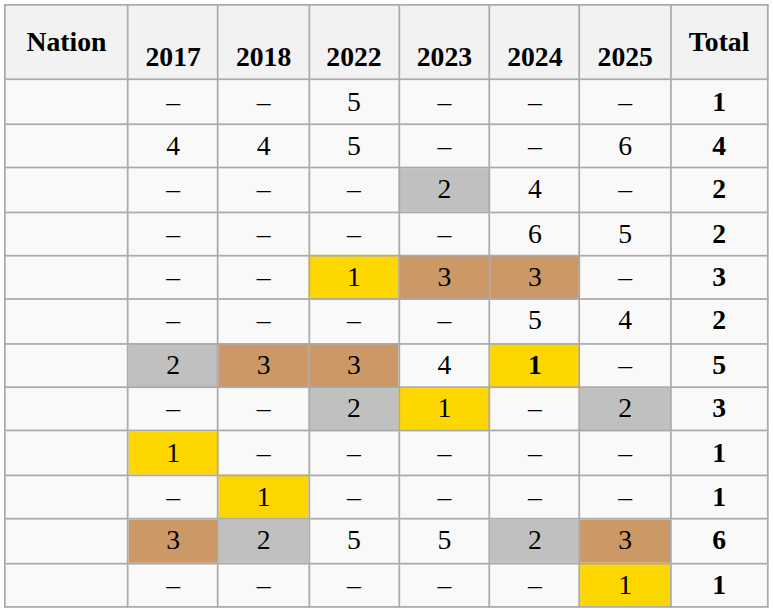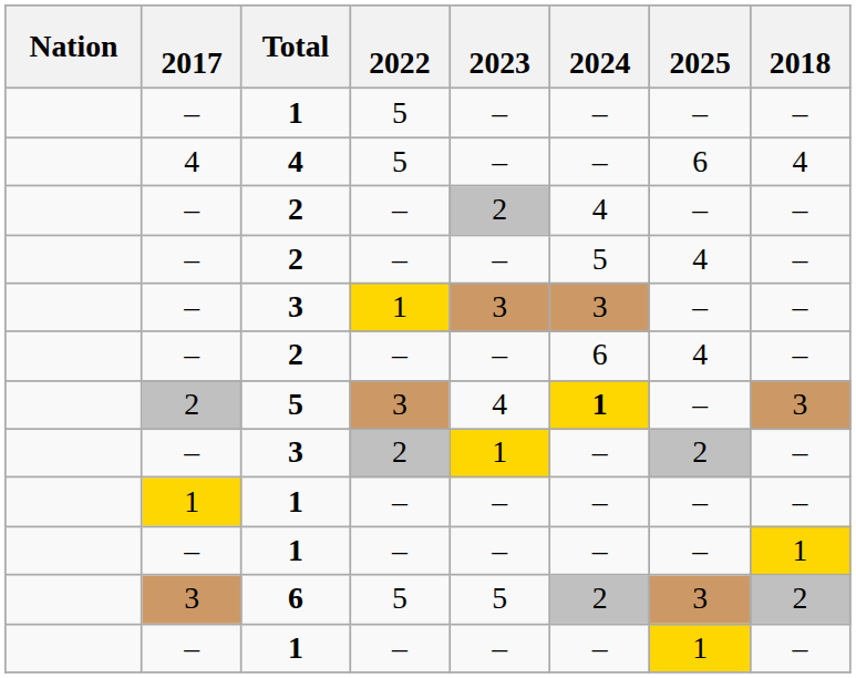 <table class="wikitable" style="text-align:center" width="50%" valign="top" |>
 <tr>
 <th>Nation</th>
 <th><br>2017<br></th>
-<th><br>2018<br></th>
+<th>Total</th>
 <th><br>2022<br></th>
 <th><br>2023<br></th>
 <th><br>2024<br></th>
 <th><br>2025<br></th>
-<th>Total</th>
+<th><br>2018<br></th>
 </tr>
 <tr>
 <td align=left></td>
 <td>–</td>
-<td>–</td>
+<td><strong>1</strong></td>
 <td>5</td>
 <td>–</td>
 <td>–</td>
 <td>–</td>
-<td><strong>1</strong></td>
+<td>–</td>
 </tr>
 <tr>
 <td align=left></td>
 <td>4</td>
-<td>4</td>
+<td><strong>4</strong></td>
 <td>5</td>
 <td>–</td>
 <td>–</td>
 <td>6</td>
-<td><strong>4</strong></td>
+<td>4</td>
 </tr>
 <tr>
 <td align=left></td>
 <td>–</td>
-<td>–</td>
+<td><strong>2</strong></td>
 <td>–</td>
 <td bgcolor=silver>2</td>
 <td>4</td>
 <td>–</td>
-<td><strong>2</strong></td>
+<td>–</td>
 </tr>
 <tr>
 <td align=left></td>
 <td>–</td>
+<td><strong>2</strong></td>
 <td>–</td>
 <td>–</td>
+<td>5</td>
+<td>4</td>
 <td>–</td>
-<td>6</td>
-<td>5</td>
-<td><strong>2</strong></td>
 </tr>
 <tr>
 <td align=left></td>
 <td>–</td>
-<td>–</td>
+<td><strong>3</strong></td>
 <td bgcolor=gold>1</td>
 <td bgcolor=cc9966>3</td>
 <td bgcolor=cc9966>3</td>
 <td>–</td>
-<td><strong>3</strong></td>
+<td>–</td>
 </tr>
 <tr>
 <td align=left></td>
 <td>–</td>
+<td><strong>2</strong></td>
 <td>–</td>
 <td>–</td>
+<td>6</td>
+<td>4</td>
 <td>–</td>
-<td>5</td>
-<td>4</td>
-<td><strong>2</strong></td>
 </tr>
 <tr>
 <td align=left></td>
 <td bgcolor=silver>2</td>
-<td bgcolor=cc9966>3</td>
+<td><strong>5</strong></td>
 <td bgcolor=cc9966>3</td>
 <td>4</td>
 <td bgcolor=gold><strong>1</strong></td>
 <td>–</td>
-<td><strong>5</strong></td>
+<td bgcolor=cc9966>3</td>
 </tr>
 <tr>
 <td align=left></td>
 <td>–</td>
-<td>–</td>
+<td><strong>3</strong></td>
 <td bgcolor=silver>2</td>
 <td bgcolor=gold>1</td>
 <td>–</td>
 <td bgcolor=silver>2</td>
-<td><strong>3</strong></td>
+<td>–</td>
 </tr>
 <tr>
 <td align=left></td>
 <td bgcolor=gold>1</td>
+<td><strong>1</strong></td>
 <td>–</td>
 <td>–</td>
 <td>–</td>
 <td>–</td>
 <td>–</td>
-<td><strong>1</strong></td>
 </tr>
 <tr>
 <td align=left></td>
 <td>–</td>
-<td bgcolor=gold>1</td>
-<td>–</td>
-<td>–</td>
-<td>–</td>
-<td>–</td>
 <td><strong>1</strong></td>
-</tr>
-<tr>
-<td align=left></td>
-<td bgcolor=cc9966>3</td>
-<td bgcolor=silver>2</td>
-<td>5</td>
-<td>5</td>
-<td bgcolor=silver>2</td>
-<td bgcolor=cc9966>3</td>
-<td><strong>6</strong></td>
-</tr>
-<tr>
-<td align=left></td>
-<td>–</td>
 <td>–</td>
 <td>–</td>
 <td>–</td>
 <td>–</td>
 <td bgcolor=gold>1</td>
+</tr>
+<tr>
+<td align=left></td>
+<td bgcolor=cc9966>3</td>
+<td><strong>6</strong></td>
+<td>5</td>
+<td>5</td>
+<td bgcolor=silver>2</td>
+<td bgcolor=cc9966>3</td>
+<td bgcolor=silver>2</td>
+</tr>
+<tr>
+<td align=left></td>
+<td>–</td>
 <td><strong>1</strong></td>
+<td>–</td>
+<td>–</td>
+<td>–</td>
+<td bgcolor=gold>1</td>
+<td>–</td>
 </tr>
 </table>
